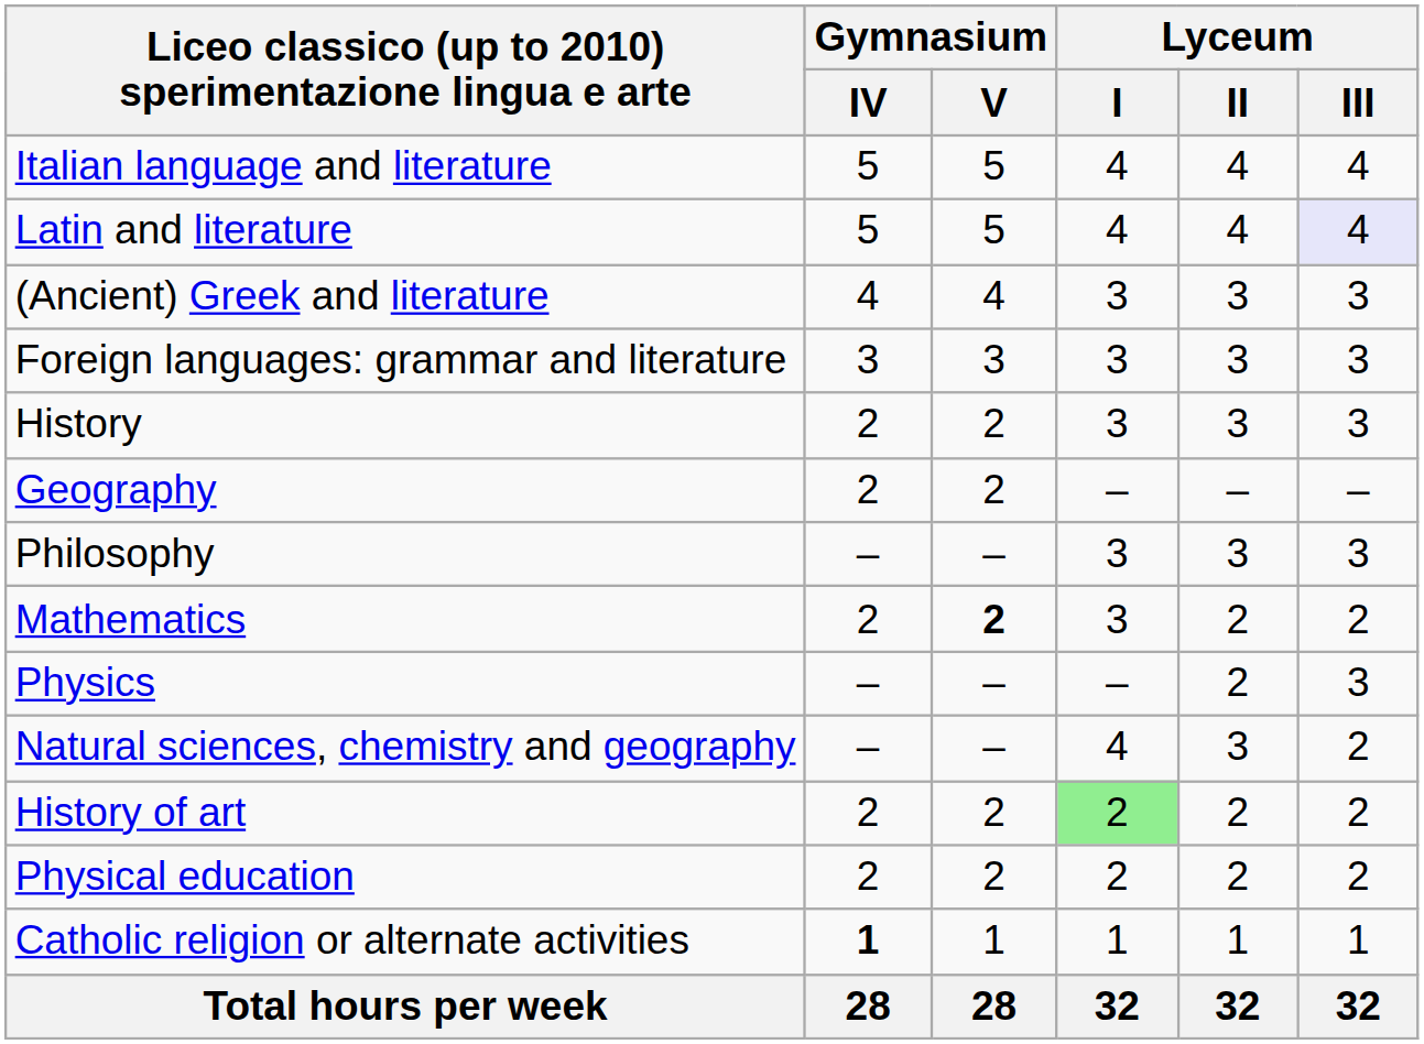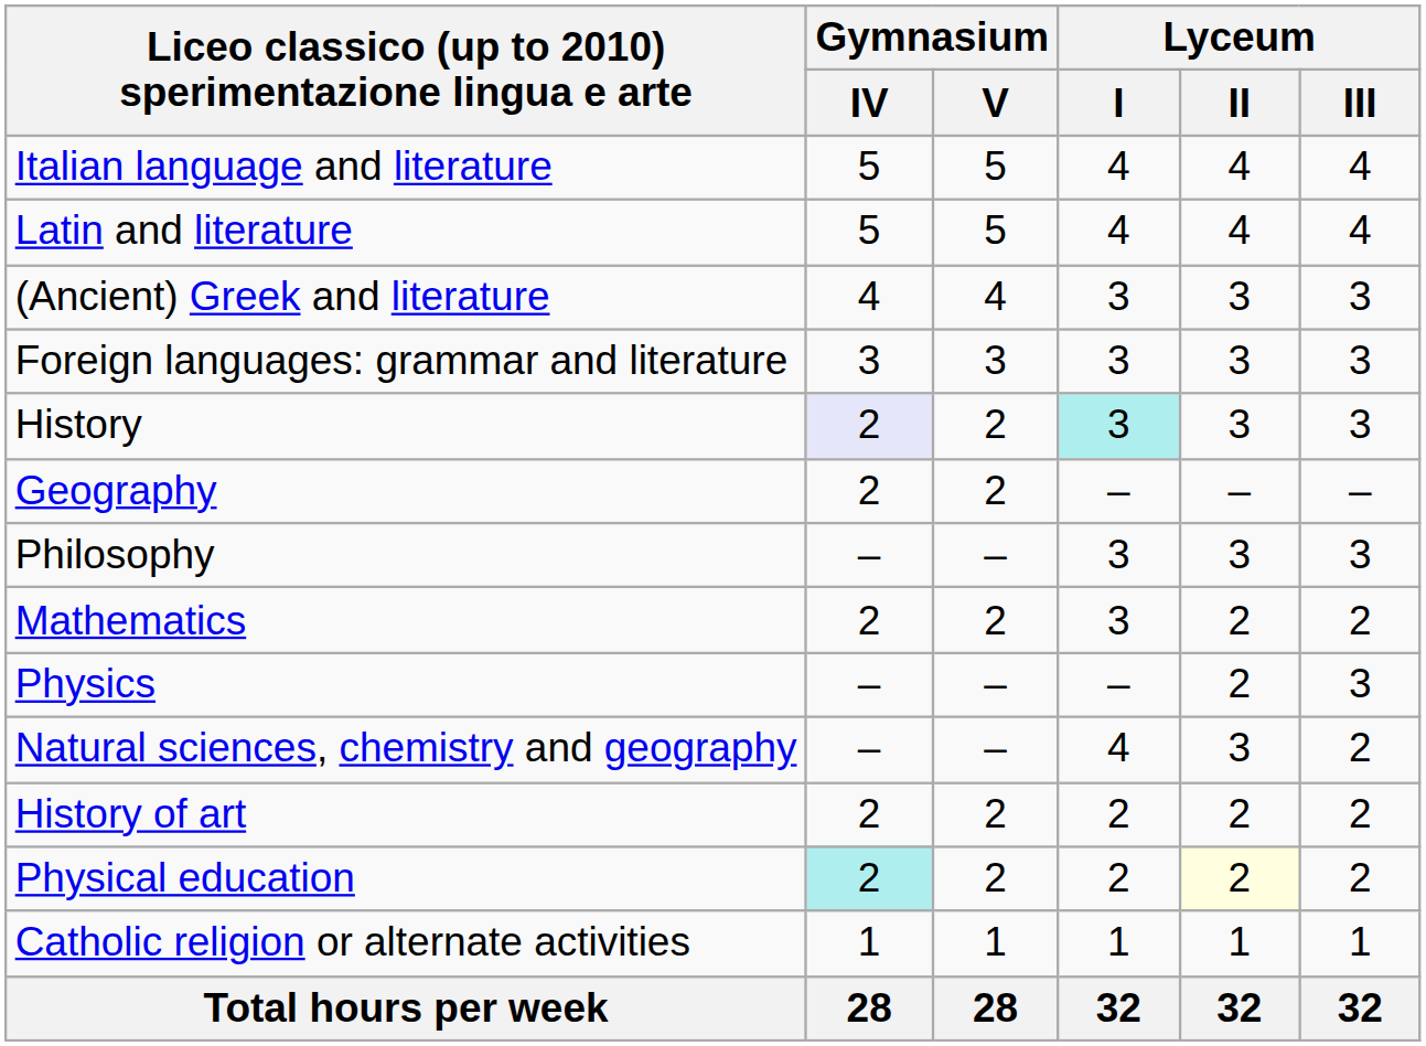 <table class="wikitable">
 <tr>
 <th rowspan="2">Liceo classico (up to 2010)<br>sperimentazione lingua e arte</th>
 <th colspan="2">Gymnasium</th>
 <th colspan="3">Lyceum</th>
 </tr>
 <tr>
 <th width="40">IV</th>
 <th width="40">V</th>
 <th width="40">I</th>
 <th width="40">II</th>
 <th width="40">III</th>
 </tr>
 <tr align="center">
 <td align="left"><a href='#'>Italian language</a> and <a href='#'>literature</a></td>
 <td>5</td>
 <td>5</td>
 <td>4</td>
 <td>4</td>
 <td>4</td>
 </tr>
 <tr align="center">
 <td align="left"><a href='#'>Latin</a> and <a href='#'>literature</a></td>
 <td>5</td>
 <td>5</td>
 <td>4</td>
 <td>4</td>
-<td style="background: lavender;">4</td>
+<td>4</td>
 </tr>
 <tr align="center">
 <td align="left">(Ancient) <a href='#'>Greek</a> and <a href='#'>literature</a></td>
 <td>4</td>
 <td>4</td>
 <td>3</td>
 <td>3</td>
 <td>3</td>
 </tr>
 <tr align="center">
 <td align="left">Foreign languages: grammar and literature</td>
 <td>3</td>
 <td>3</td>
 <td>3</td>
 <td>3</td>
 <td>3</td>
 </tr>
 <tr align="center">
 <td align="left">History</td>
+<td style="background: lavender;">2</td>
 <td>2</td>
-<td>2</td>
-<td>3</td>
+<td style="background: paleturquoise;">3</td>
 <td>3</td>
 <td>3</td>
 </tr>
 <tr align="center">
 <td align="left"><a href='#'>Geography</a></td>
 <td>2</td>
 <td>2</td>
 <td>–</td>
 <td>–</td>
 <td>–</td>
 </tr>
 <tr align="center">
 <td align="left">Philosophy</td>
 <td>–</td>
 <td>–</td>
 <td>3</td>
 <td>3</td>
 <td>3</td>
 </tr>
 <tr align="center">
 <td align="left"><a href='#'>Mathematics</a></td>
 <td>2</td>
-<td><strong>2</strong></td>
+<td>2</td>
 <td>3</td>
 <td>2</td>
 <td>2</td>
 </tr>
 <tr align="center">
 <td align="left"><a href='#'>Physics</a></td>
 <td>–</td>
 <td>–</td>
 <td>–</td>
 <td>2</td>
 <td>3</td>
 </tr>
 <tr align="center">
 <td align="left"><a href='#'>Natural sciences</a>, <a href='#'>chemistry</a> and <a href='#'>geography</a></td>
 <td>–</td>
 <td>–</td>
 <td>4</td>
 <td>3</td>
 <td>2</td>
 </tr>
 <tr align="center">
 <td align="left"><a href='#'>History of art</a></td>
 <td>2</td>
 <td>2</td>
-<td style="background: lightgreen;">2</td>
+<td>2</td>
 <td>2</td>
 <td>2</td>
 </tr>
 <tr align="center">
 <td align="left"><a href='#'>Physical education</a></td>
+<td style="background: paleturquoise;">2</td>
 <td>2</td>
 <td>2</td>
-<td>2</td>
-<td>2</td>
+<td style="background: lightyellow;">2</td>
 <td>2</td>
 </tr>
 <tr align="center">
 <td align="left"><a href='#'>Catholic religion</a> or alternate activities</td>
-<td><strong>1</strong></td>
+<td>1</td>
 <td>1</td>
 <td>1</td>
 <td>1</td>
 <td>1</td>
 </tr>
 <tr>
 <th>Total hours per week</th>
 <th>28</th>
 <th>28</th>
 <th>32</th>
 <th>32</th>
 <th>32</th>
 </tr>
 </table>
